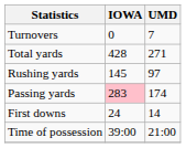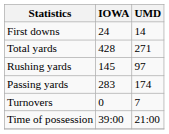 <table class="wikitable">
 <tr>
 <th>Statistics</th>
 <th>IOWA</th>
 <th>UMD</th>
 </tr>
 <tr>
-<td>Turnovers</td>
-<td>0</td>
-<td>7</td>
+<td>First downs</td>
+<td>24</td>
+<td>14</td>
 </tr>
 <tr>
 <td>Total yards</td>
 <td>428</td>
 <td>271</td>
 </tr>
 <tr>
 <td>Rushing yards</td>
 <td>145</td>
 <td>97</td>
 </tr>
 <tr>
 <td>Passing yards</td>
-<td style="background: pink;">283</td>
+<td>283</td>
 <td>174</td>
 </tr>
 <tr>
-<td>First downs</td>
-<td>24</td>
-<td>14</td>
+<td>Turnovers</td>
+<td>0</td>
+<td>7</td>
 </tr>
 <tr>
 <td>Time of possession</td>
 <td>39:00</td>
 <td>21:00</td>
 </tr>
 <tr>
 </tr>
 </table>
